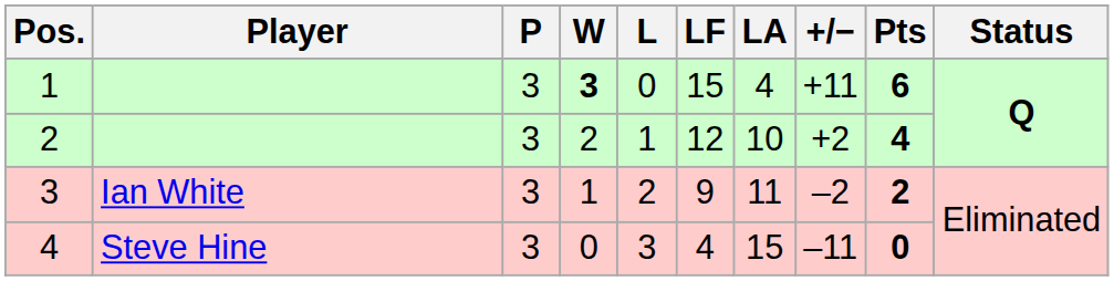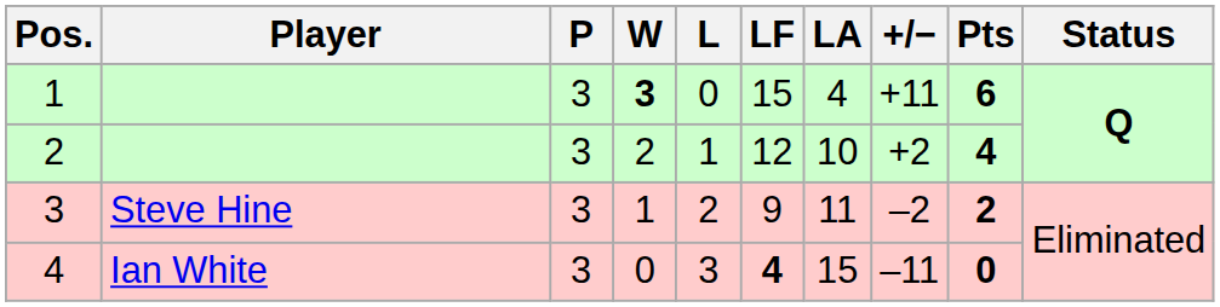 <table class="wikitable" style="text-align:center; margin: 1em auto 1em auto, align:left">
 <tr>
 <th width=20>Pos.</th>
 <th width=185>Player</th>
 <th width=20>P</th>
 <th width=20>W</th>
 <th width=20>L</th>
 <th width=20>LF</th>
 <th width=20>LA</th>
 <th width=25>+/−</th>
 <th width=20>Pts</th>
 <th width=70>Status</th>
 </tr>
 <tr style="background:#CCFFCC;">
 <td>1</td>
 <td align=left></td>
 <td>3</td>
 <td><strong>3</strong></td>
 <td>0</td>
 <td>15</td>
 <td>4</td>
 <td>+11</td>
 <td><strong>6</strong></td>
 <td rowspan=2><strong>Q</strong></td>
 </tr>
 <tr style="background:#CCFFCC;">
 <td>2</td>
 <td align=left></td>
 <td>3</td>
 <td>2</td>
 <td>1</td>
 <td>12</td>
 <td>10</td>
 <td>+2</td>
 <td><strong>4</strong></td>
 </tr>
 <tr style="background:#FFCCCC;">
 <td>3</td>
-<td align=left> <a href='#'>Ian White</a></td>
+<td align=left> <a href='#'>Steve Hine</a></td>
 <td>3</td>
 <td>1</td>
 <td>2</td>
 <td>9</td>
 <td>11</td>
 <td>–2</td>
 <td><strong>2</strong></td>
 <td rowspan=2>Eliminated</td>
 </tr>
 <tr style="background:#FFCCCC;">
 <td>4</td>
-<td align=left> <a href='#'>Steve Hine</a></td>
+<td align=left> <a href='#'>Ian White</a></td>
 <td>3</td>
 <td>0</td>
 <td>3</td>
-<td>4</td>
+<td><strong>4</strong></td>
 <td>15</td>
 <td>–11</td>
 <td><strong>0</strong></td>
 </tr>
 </table>
